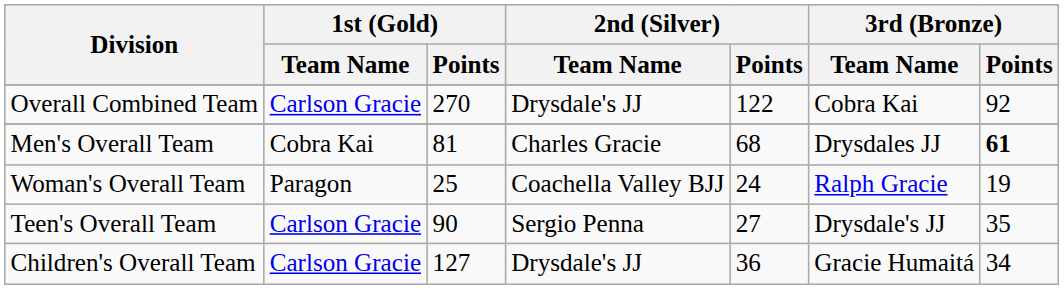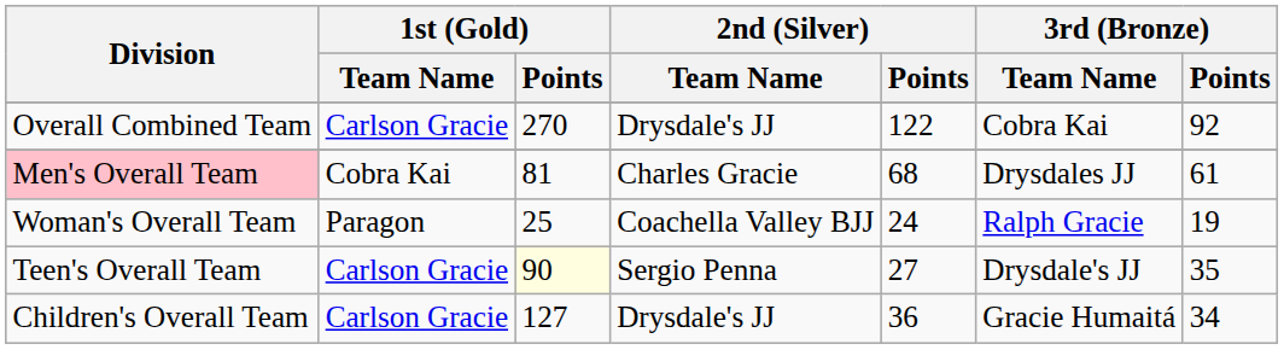 <table class="wikitable">
 <tr>
 <th rowspan=2>Division</th>
 <th colspan=2>1st (Gold)</th>
 <th colspan=2>2nd (Silver)</th>
 <th colspan=2>3rd (Bronze)</th>
 </tr>
 <tr>
 <th>Team Name</th>
 <th>Points</th>
 <th>Team Name</th>
 <th>Points</th>
 <th>Team Name</th>
 <th>Points</th>
 </tr>
 <tr>
 </tr>
 <tr>
 <td>Overall Combined Team</td>
 <td><a href='#'>Carlson Gracie</a></td>
 <td>270</td>
 <td>Drysdale's JJ</td>
 <td>122</td>
 <td>Cobra Kai</td>
 <td>92</td>
 </tr>
 <tr>
 </tr>
 <tr>
-<td>Men's Overall Team</td>
+<td style="background: pink;">Men's Overall Team</td>
 <td>Cobra Kai</td>
 <td>81</td>
 <td>Charles Gracie</td>
 <td>68</td>
 <td>Drysdales JJ</td>
-<td><strong>61</strong></td>
+<td>61</td>
 </tr>
 <tr>
 <td>Woman's Overall Team</td>
 <td>Paragon</td>
 <td>25</td>
 <td>Coachella Valley BJJ</td>
 <td>24</td>
 <td><a href='#'>Ralph Gracie</a></td>
 <td>19</td>
 </tr>
 <tr>
 <td>Teen's Overall Team</td>
 <td><a href='#'>Carlson Gracie</a></td>
-<td>90</td>
+<td style="background: lightyellow;">90</td>
 <td>Sergio Penna</td>
 <td>27</td>
 <td>Drysdale's JJ</td>
 <td>35</td>
 </tr>
 <tr>
 <td>Children's Overall Team</td>
 <td><a href='#'>Carlson Gracie</a></td>
 <td>127</td>
 <td>Drysdale's JJ</td>
 <td>36</td>
 <td>Gracie Humaitá</td>
 <td>34</td>
 </tr>
 </table>
